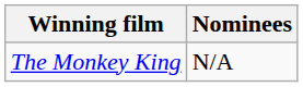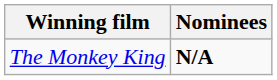 <table class="wikitable">
 <tr>
 <th>Winning film</th>
 <th>Nominees</th>
 </tr>
 <tr>
 <td><em><a href='#'>The Monkey King</a></em></td>
-<td>N/A</td>
+<td><strong>N/A</strong></td>
 </tr>
 </table>
